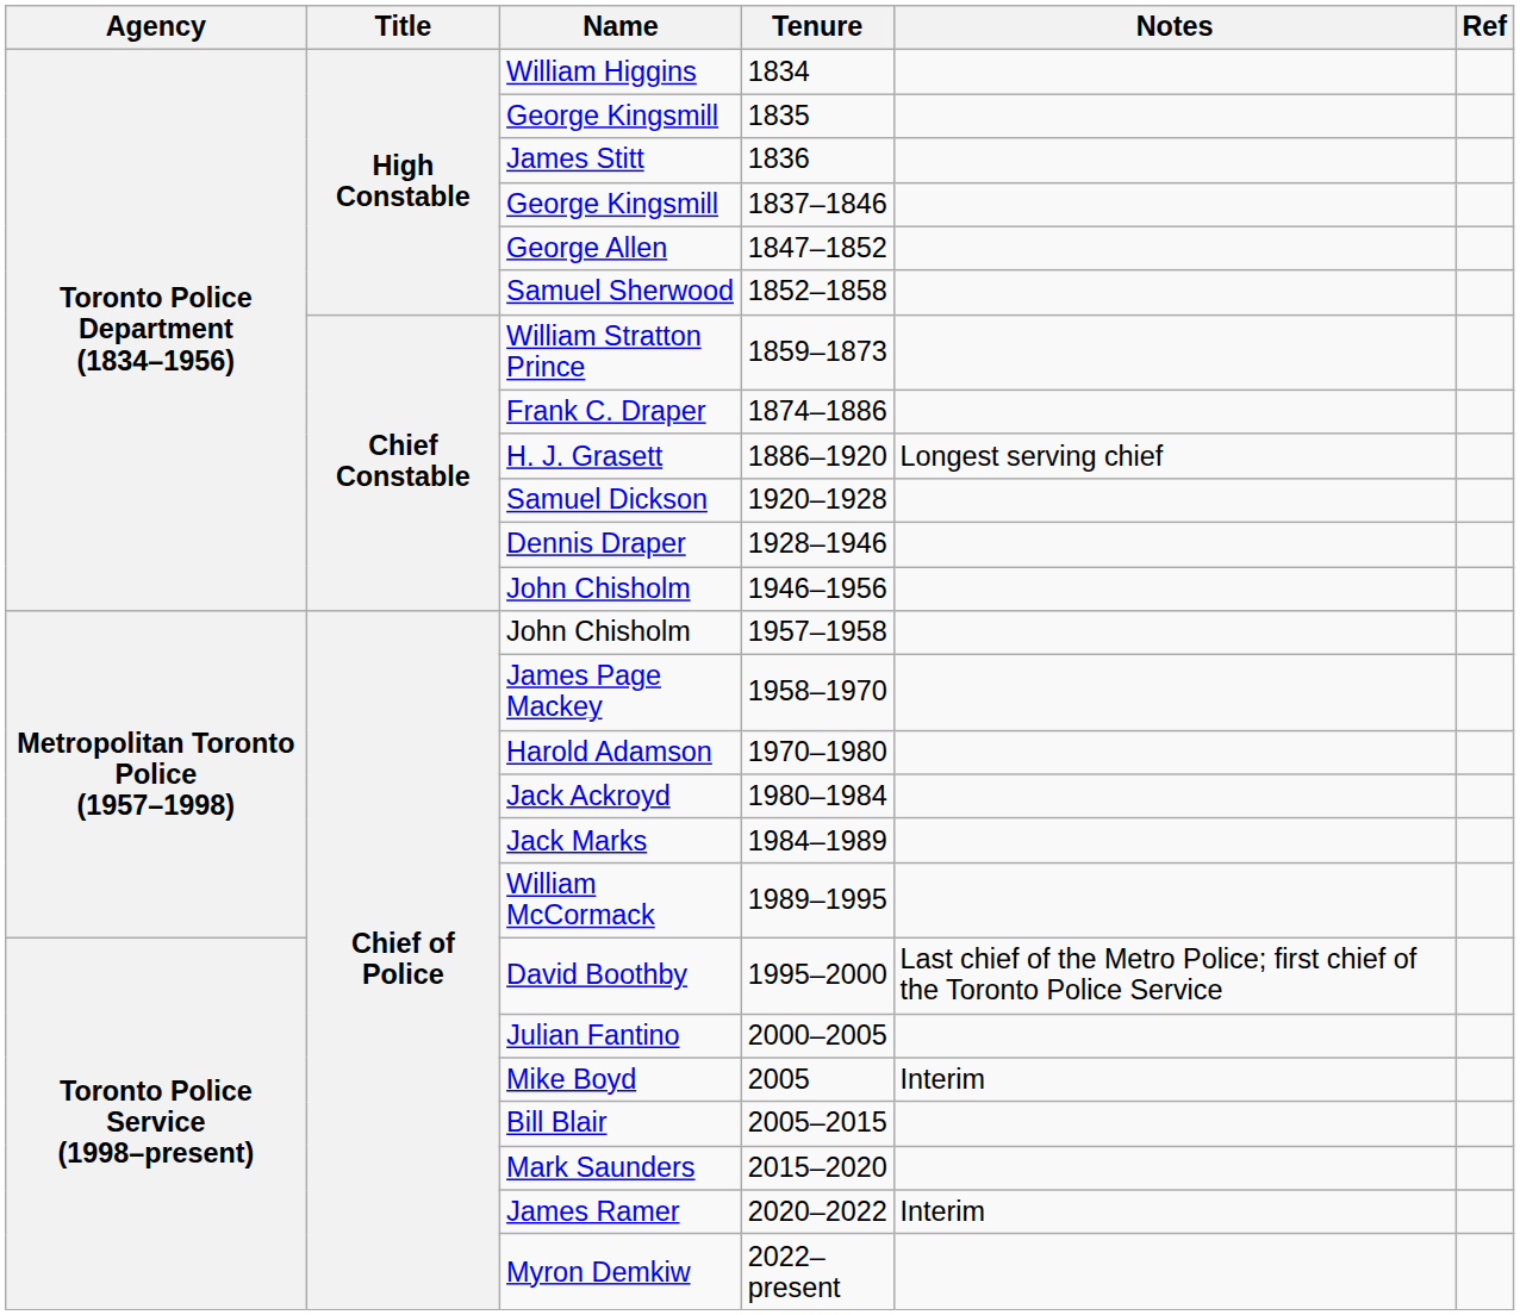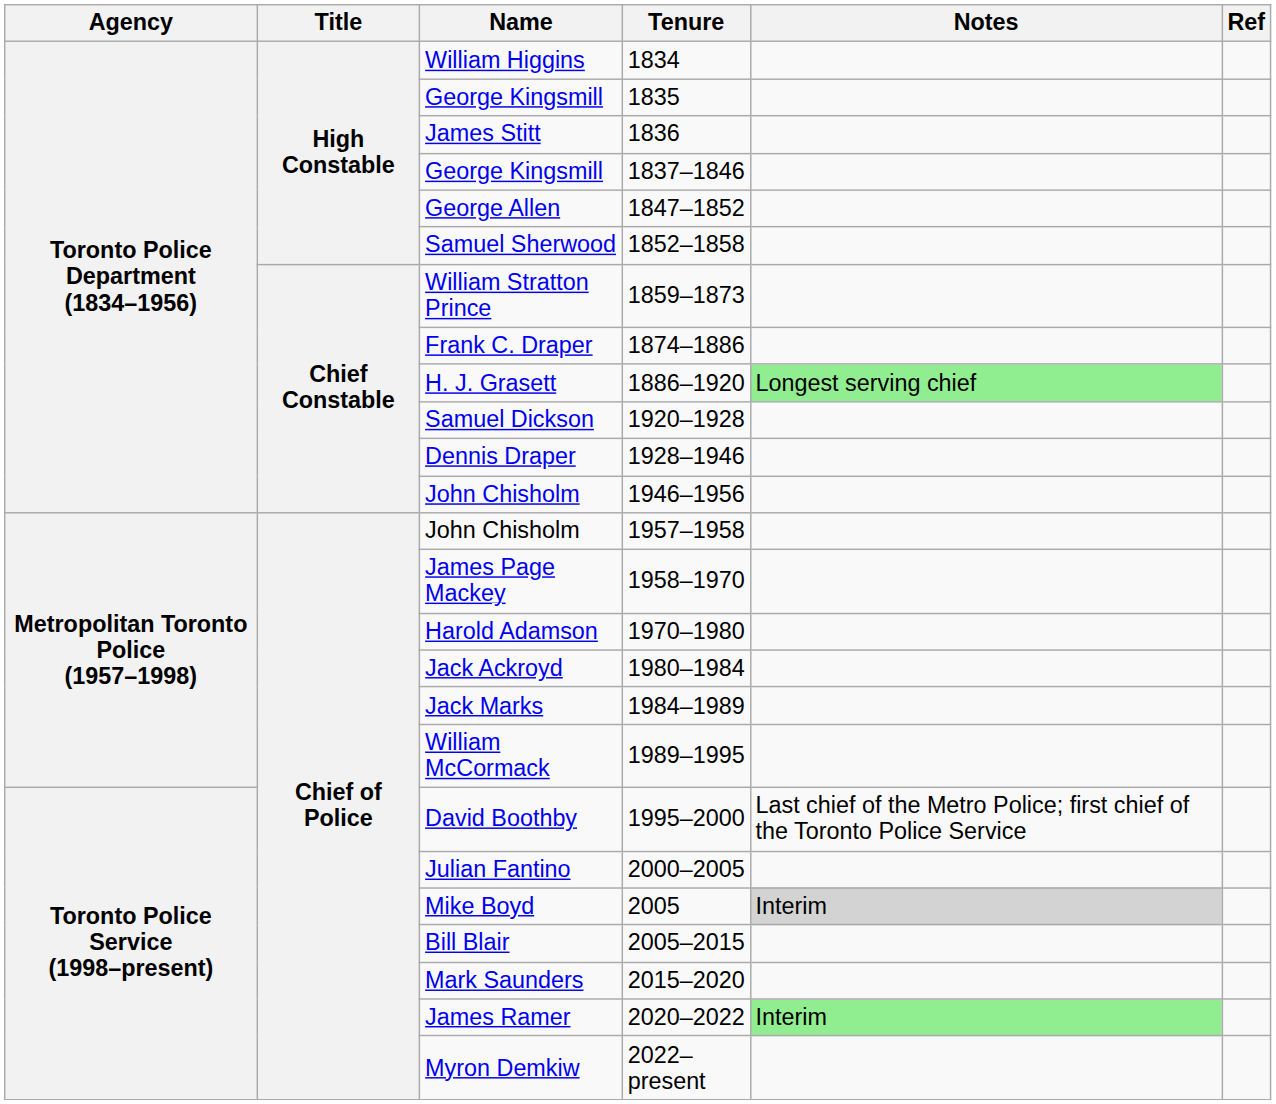 <table class="wikitable">
 <tr>
 <th>Agency</th>
 <th>Title</th>
 <th>Name</th>
 <th>Tenure</th>
 <th>Notes</th>
 <th>Ref</th>
 </tr>
 <tr>
 <th rowspan="12"><strong>Toronto Police Department</strong><br>(1834–1956)</th>
 <th rowspan="6">High Constable</th>
 <td><a href='#'>William Higgins</a></td>
 <td>1834</td>
 <td></td>
 <td></td>
 </tr>
 <tr>
 <td><a href='#'>George Kingsmill</a></td>
 <td>1835</td>
 <td></td>
 <td></td>
 </tr>
 <tr>
 <td><a href='#'>James Stitt</a></td>
 <td>1836</td>
 <td></td>
 <td></td>
 </tr>
 <tr>
 <td><a href='#'>George Kingsmill</a></td>
 <td>1837–1846</td>
 <td></td>
 <td></td>
 </tr>
 <tr>
 <td><a href='#'>George Allen</a></td>
 <td>1847–1852</td>
 <td></td>
 <td></td>
 </tr>
 <tr>
 <td><a href='#'>Samuel Sherwood</a></td>
 <td>1852–1858</td>
 <td></td>
 <td></td>
 </tr>
 <tr>
 <th rowspan="6"><strong>Chief Constable</strong></th>
 <td><a href='#'>William Stratton Prince</a></td>
 <td>1859–1873</td>
 <td></td>
 <td></td>
 </tr>
 <tr>
 <td><a href='#'>Frank C. Draper</a></td>
 <td>1874–1886</td>
 <td></td>
 <td></td>
 </tr>
 <tr>
 <td><a href='#'>H. J. Grasett</a></td>
 <td>1886–1920</td>
-<td>Longest serving chief</td>
+<td style="background: lightgreen;">Longest serving chief</td>
 <td></td>
 </tr>
 <tr>
 <td><a href='#'>Samuel Dickson</a></td>
 <td>1920–1928</td>
 <td></td>
 <td></td>
 </tr>
 <tr>
 <td><a href='#'>Dennis Draper</a></td>
 <td>1928–1946</td>
 <td></td>
 <td></td>
 </tr>
 <tr>
 <td><a href='#'>John Chisholm</a></td>
 <td>1946–1956</td>
 <td></td>
 <td></td>
 </tr>
 <tr>
 <th rowspan="6"><strong>Metropolitan Toronto Police</strong><br><strong>(1957–1998)</strong></th>
 <th rowspan="13">Chief of Police</th>
 <td>John Chisholm</td>
 <td>1957–1958</td>
 <td></td>
 <td></td>
 </tr>
 <tr>
 <td><a href='#'>James Page Mackey</a></td>
 <td>1958–1970</td>
 <td></td>
 <td></td>
 </tr>
 <tr>
 <td><a href='#'>Harold Adamson</a></td>
 <td>1970–1980</td>
 <td></td>
 <td></td>
 </tr>
 <tr>
 <td><a href='#'>Jack Ackroyd</a></td>
 <td>1980–1984</td>
 <td></td>
 <td></td>
 </tr>
 <tr>
 <td><a href='#'>Jack Marks</a></td>
 <td>1984–1989</td>
 <td></td>
 <td></td>
 </tr>
 <tr>
 <td><a href='#'>William McCormack</a></td>
 <td>1989–1995</td>
 <td></td>
 <td></td>
 </tr>
 <tr>
 <th rowspan="7"><strong>Toronto Police Service</strong><br><strong>(1998–present)</strong></th>
 <td><a href='#'>David Boothby</a></td>
 <td>1995–2000</td>
 <td>Last chief of the Metro Police; first chief of the Toronto Police Service</td>
 <td></td>
 </tr>
 <tr>
 <td><a href='#'>Julian Fantino</a></td>
 <td>2000–2005</td>
 <td></td>
 <td></td>
 </tr>
 <tr>
 <td><a href='#'>Mike Boyd</a></td>
 <td>2005</td>
-<td>Interim</td>
+<td style="background: lightgrey;">Interim</td>
 <td></td>
 </tr>
 <tr>
 <td><a href='#'>Bill Blair</a></td>
 <td>2005–2015</td>
 <td></td>
 <td></td>
 </tr>
 <tr>
 <td><a href='#'>Mark Saunders</a></td>
 <td>2015–2020</td>
 <td></td>
 <td></td>
 </tr>
 <tr>
 <td><a href='#'>James Ramer</a></td>
 <td>2020–2022</td>
-<td>Interim</td>
+<td style="background: lightgreen;">Interim</td>
 <td></td>
 </tr>
 <tr>
 <td><a href='#'>Myron Demkiw</a></td>
 <td>2022–present</td>
 <td></td>
 <td></td>
 </tr>
 </table>
